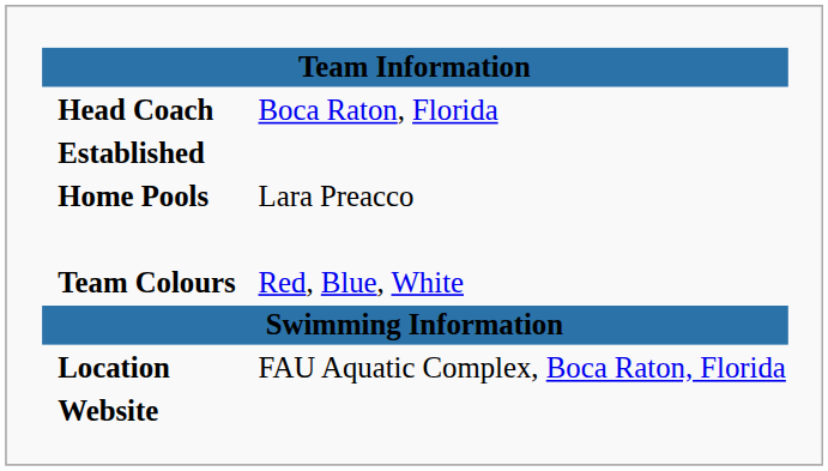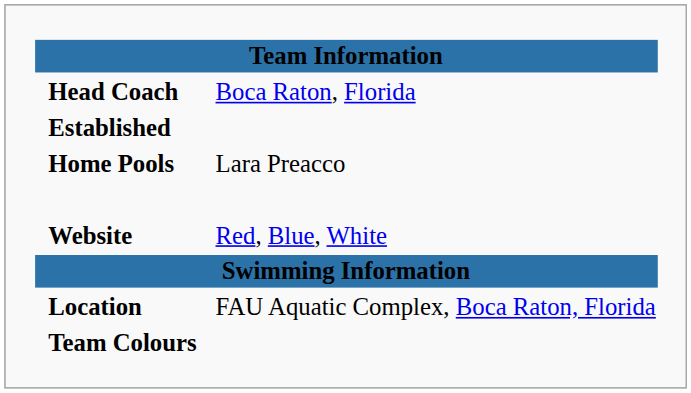 <table class="infobox" style="text-align: left; font-size: 95%; padding:1em;">
 <tr>
 <td colspan="2" style="text-align:left;"></td>
 </tr>
 <tr>
 <td colspan="2" style="background:#2b72a9; text-align:center;"><strong>Team Information</strong></td>
 </tr>
 <tr>
 <th>  Head Coach</th>
 <td>  <a href='#'>Boca Raton</a>, <a href='#'>Florida</a></td>
 </tr>
 <tr>
 <th>  Established</th>
 <td>  </td>
 </tr>
 <tr>
 <th>  Home Pools</th>
 <td>  Lara Preacco</td>
 </tr>
 <tr>
 <th>  </th>
 <td>  </td>
 </tr>
 <tr>
-<th>  Team Colours</th>
+<th>  Website</th>
 <td>  <a href='#'>Red</a>, <a href='#'>Blue</a>, <a href='#'>White</a></td>
 </tr>
 <tr>
 <td colspan="2" style="background:#2b72a9; text-align:center;"><strong>Swimming Information</strong></td>
 </tr>
 <tr>
 <th>  Location</th>
 <td>  FAU Aquatic Complex, <a href='#'>Boca Raton, Florida</a></td>
 </tr>
 <tr>
-<th>  Website</th>
+<th>  Team Colours</th>
 <td>  </td>
 </tr>
 </table>
